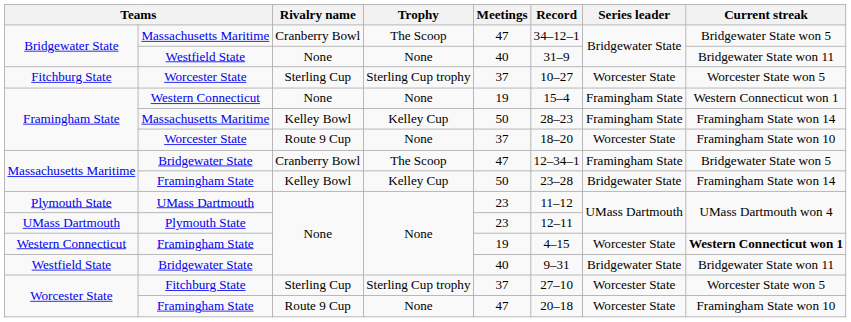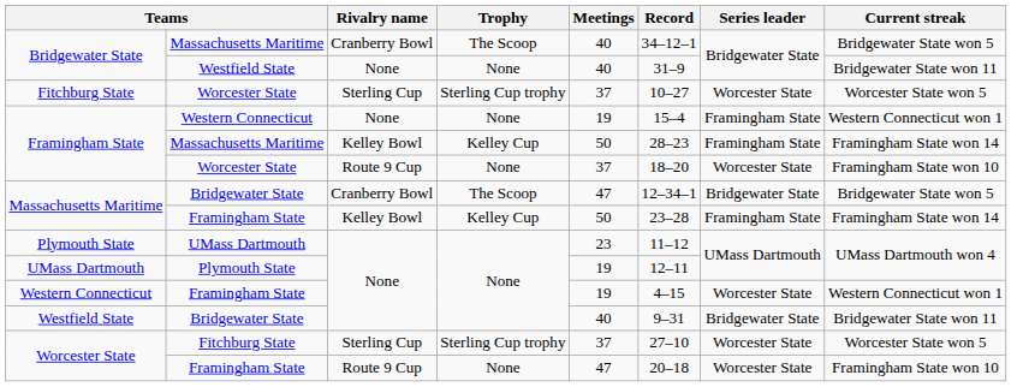 <table class="wikitable" style="text-align: center">
 <tr>
 <th colspan="2" scope="col">Teams</th>
 <th scope="col">Rivalry name</th>
 <th scope="col">Trophy</th>
 <th scope="col">Meetings</th>
 <th scope="col">Record</th>
 <th scope="col">Series leader</th>
 <th scope="col">Current streak</th>
 </tr>
 <tr>
 <td rowspan="2"><a href='#'>Bridgewater State</a></td>
 <td><a href='#'>Massachusetts Maritime</a></td>
 <td>Cranberry Bowl</td>
 <td>The Scoop</td>
-<td>47</td>
+<td>40</td>
 <td>34–12–1</td>
 <td rowspan="2">Bridgewater State</td>
 <td>Bridgewater State won 5</td>
 </tr>
 <tr>
 <td><a href='#'>Westfield State</a></td>
 <td>None</td>
 <td>None</td>
 <td>40</td>
 <td>31–9</td>
 <td>Bridgewater State won 11</td>
 </tr>
 <tr>
 <td><a href='#'>Fitchburg State</a></td>
 <td><a href='#'>Worcester State</a></td>
 <td>Sterling Cup</td>
 <td>Sterling Cup trophy</td>
 <td>37</td>
 <td>10–27</td>
 <td>Worcester State</td>
 <td>Worcester State won 5</td>
 </tr>
 <tr>
 <td rowspan="3"><a href='#'>Framingham State</a></td>
 <td><a href='#'>Western Connecticut</a></td>
 <td>None</td>
 <td>None</td>
 <td>19</td>
 <td>15–4</td>
 <td>Framingham State</td>
 <td>Western Connecticut won 1</td>
 </tr>
 <tr>
 <td><a href='#'>Massachusetts Maritime</a></td>
 <td>Kelley Bowl</td>
 <td>Kelley Cup</td>
 <td>50</td>
 <td>28–23</td>
 <td>Framingham State</td>
 <td>Framingham State won 14</td>
 </tr>
 <tr>
 <td><a href='#'>Worcester State</a></td>
 <td>Route 9 Cup</td>
 <td>None</td>
 <td>37</td>
 <td>18–20</td>
 <td>Worcester State</td>
 <td>Framingham State won 10</td>
 </tr>
 <tr>
 <td rowspan="2"><a href='#'>Massachusetts Maritime</a></td>
 <td><a href='#'>Bridgewater State</a></td>
 <td>Cranberry Bowl</td>
 <td>The Scoop</td>
 <td>47</td>
 <td>12–34–1</td>
-<td>Framingham State</td>
+<td>Bridgewater State</td>
 <td>Bridgewater State won 5</td>
 </tr>
 <tr>
 <td><a href='#'>Framingham State</a></td>
 <td>Kelley Bowl</td>
 <td>Kelley Cup</td>
 <td>50</td>
 <td>23–28</td>
-<td>Bridgewater State</td>
+<td>Framingham State</td>
 <td>Framingham State won 14</td>
 </tr>
 <tr>
 <td><a href='#'>Plymouth State</a></td>
 <td><a href='#'>UMass Dartmouth</a></td>
 <td rowspan="4">None</td>
 <td rowspan="4">None</td>
 <td>23</td>
 <td>11–12</td>
 <td rowspan="2">UMass Dartmouth</td>
 <td rowspan="2">UMass Dartmouth won 4</td>
 </tr>
 <tr>
 <td><a href='#'>UMass Dartmouth</a></td>
 <td><a href='#'>Plymouth State</a></td>
-<td>23</td>
+<td>19</td>
 <td>12–11</td>
 </tr>
 <tr>
 <td><a href='#'>Western Connecticut</a></td>
 <td><a href='#'>Framingham State</a></td>
 <td>19</td>
 <td>4–15</td>
 <td>Worcester State</td>
-<td><strong>Western Connecticut won 1</strong></td>
+<td>Western Connecticut won 1</td>
 </tr>
 <tr>
 <td><a href='#'>Westfield State</a></td>
 <td><a href='#'>Bridgewater State</a></td>
 <td>40</td>
 <td>9–31</td>
 <td>Bridgewater State</td>
 <td>Bridgewater State won 11</td>
 </tr>
 <tr>
 <td rowspan="2"><a href='#'>Worcester State</a></td>
 <td><a href='#'>Fitchburg State</a></td>
 <td>Sterling Cup</td>
 <td>Sterling Cup trophy</td>
 <td>37</td>
 <td>27–10</td>
 <td>Worcester State</td>
 <td>Worcester State won 5</td>
 </tr>
 <tr>
 <td><a href='#'>Framingham State</a></td>
 <td>Route 9 Cup</td>
 <td>None</td>
 <td>47</td>
 <td>20–18</td>
 <td>Worcester State</td>
 <td>Framingham State won 10</td>
 </tr>
 </table>
